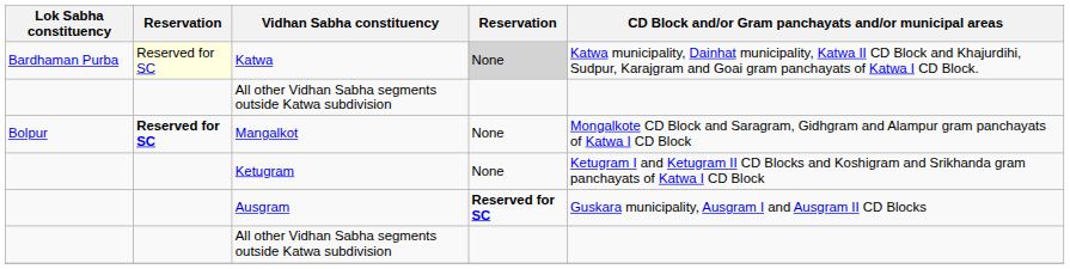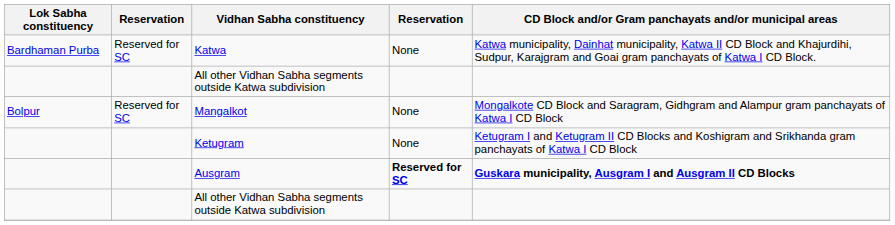 <table class="wikitable sortable">
 <tr>
 <th>Lok Sabha constituency</th>
 <th>Reservation</th>
 <th>Vidhan Sabha constituency</th>
 <th>Reservation</th>
 <th>CD Block and/or Gram panchayats and/or municipal areas</th>
 </tr>
 <tr>
 <td><a href='#'>Bardhaman Purba</a></td>
-<td style="background: lightyellow;">Reserved for <a href='#'>SC</a></td>
+<td>Reserved for <a href='#'>SC</a></td>
 <td><a href='#'>Katwa</a></td>
-<td style="background: lightgrey;">None</td>
+<td>None</td>
 <td><a href='#'>Katwa</a> municipality, <a href='#'>Dainhat</a> municipality, <a href='#'>Katwa II</a> CD Block and Khajurdihi, Sudpur, Karajgram and Goai gram panchayats of <a href='#'>Katwa I</a> CD Block.</td>
 </tr>
 <tr>
 <td></td>
 <td></td>
 <td>All other Vidhan Sabha segments outside Katwa subdivision</td>
 <td></td>
 <td></td>
 </tr>
 <tr>
 <td><a href='#'>Bolpur</a></td>
-<td><strong>Reserved for <a href='#'>SC</a></strong></td>
+<td>Reserved for <a href='#'>SC</a></td>
 <td><a href='#'>Mangalkot</a></td>
 <td>None</td>
 <td><a href='#'>Mongalkote</a> CD Block  and Saragram, Gidhgram and Alampur gram panchayats of <a href='#'>Katwa I</a> CD Block</td>
 </tr>
 <tr>
 <td></td>
 <td></td>
 <td><a href='#'>Ketugram</a></td>
 <td>None</td>
 <td><a href='#'>Ketugram I</a> and <a href='#'>Ketugram II</a> CD Blocks and  Koshigram and Srikhanda gram panchayats of <a href='#'>Katwa I</a> CD Block</td>
 </tr>
 <tr>
 <td></td>
 <td></td>
 <td><a href='#'>Ausgram</a></td>
 <td><strong>Reserved for <a href='#'>SC</a></strong></td>
-<td><a href='#'>Guskara</a> municipality, <a href='#'>Ausgram I</a> and <a href='#'>Ausgram II</a> CD Blocks</td>
+<td><strong><a href='#'>Guskara</a> municipality, <a href='#'>Ausgram I</a> and <a href='#'>Ausgram II</a> CD Blocks</strong></td>
 </tr>
 <tr>
 <td></td>
 <td></td>
 <td>All other Vidhan Sabha segments outside Katwa subdivision</td>
 <td></td>
 <td></td>
 </tr>
 <tr>
 </tr>
 </table>
